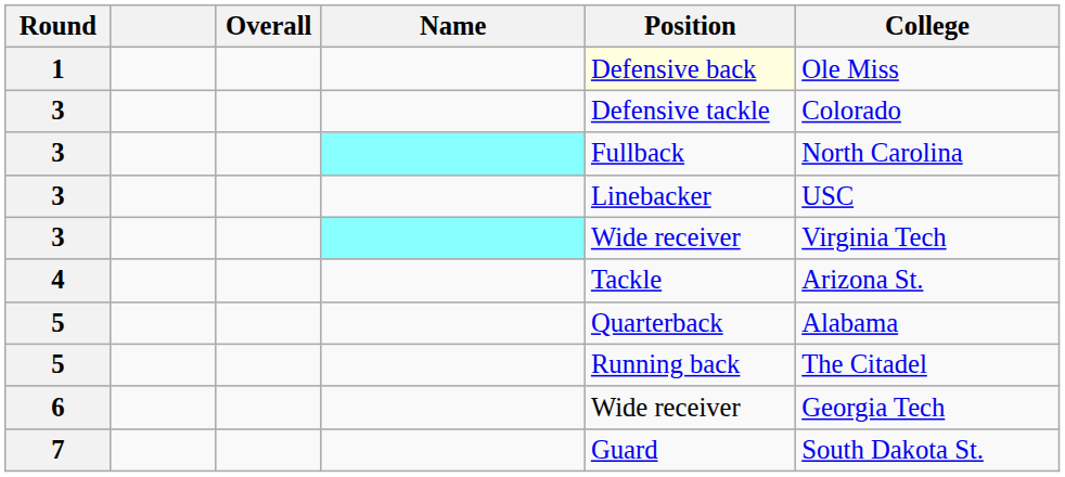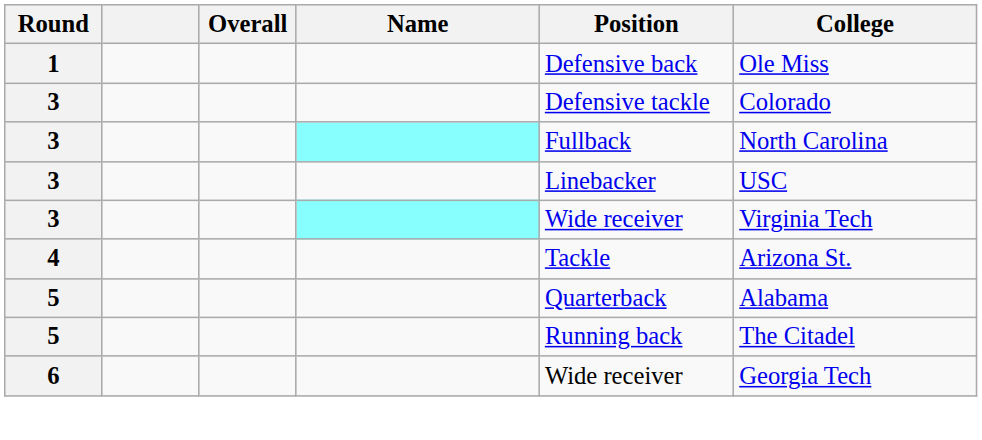 <table class="wikitable sortable" style="width: 50%;">
 <tr>
 <th scope="col" style="width: 10%;">Round</th>
 <th scope="col" style="width: 10%;"></th>
 <th scope="col" style="width: 10%;">Overall</th>
 <th scope="col" style="width: 25%;">Name</th>
 <th scope="col" style="width: 20%;">Position</th>
 <th scope="col" style="width: 25%;">College</th>
 </tr>
 <tr>
 <th scope="row">1</th>
 <td></td>
 <td></td>
 <td></td>
-<td style="background: lightyellow;"><a href='#'>Defensive back</a></td>
+<td><a href='#'>Defensive back</a></td>
 <td><a href='#'>Ole Miss</a></td>
 </tr>
 <tr>
 <th scope="row">3</th>
 <td></td>
 <td></td>
 <td></td>
 <td><a href='#'>Defensive tackle</a></td>
 <td><a href='#'>Colorado</a></td>
 </tr>
 <tr>
 <th scope="row">3</th>
 <td></td>
 <td></td>
 <td style="background:#88FFFF;"> <sup></sup></td>
 <td><a href='#'>Fullback</a></td>
 <td><a href='#'>North Carolina</a></td>
 </tr>
 <tr>
 <th scope="row">3</th>
 <td></td>
 <td></td>
 <td></td>
 <td><a href='#'>Linebacker</a></td>
 <td><a href='#'>USC</a></td>
 </tr>
 <tr>
 <th scope="row">3</th>
 <td></td>
 <td></td>
 <td style="background:#88FFFF;"> <sup></sup></td>
 <td><a href='#'>Wide receiver</a></td>
 <td><a href='#'>Virginia Tech</a></td>
 </tr>
 <tr>
 <th scope="row">4</th>
 <td></td>
 <td></td>
 <td></td>
 <td><a href='#'>Tackle</a></td>
 <td><a href='#'>Arizona St.</a></td>
 </tr>
 <tr>
 <th scope="row">5</th>
 <td></td>
 <td></td>
 <td></td>
 <td><a href='#'>Quarterback</a></td>
 <td><a href='#'>Alabama</a></td>
 </tr>
 <tr>
 <th scope="row">5</th>
 <td></td>
 <td></td>
 <td></td>
 <td><a href='#'>Running back</a></td>
 <td><a href='#'>The Citadel</a></td>
 </tr>
 <tr>
 <th scope="row">6</th>
 <td></td>
 <td></td>
 <td></td>
 <td>Wide receiver</td>
 <td><a href='#'>Georgia Tech</a></td>
 </tr>
-<tr>
-<th scope="row">7</th>
-<td></td>
-<td></td>
-<td></td>
-<td><a href='#'>Guard</a></td>
-<td><a href='#'>South Dakota St.</a></td>
-</tr>
 </table>
